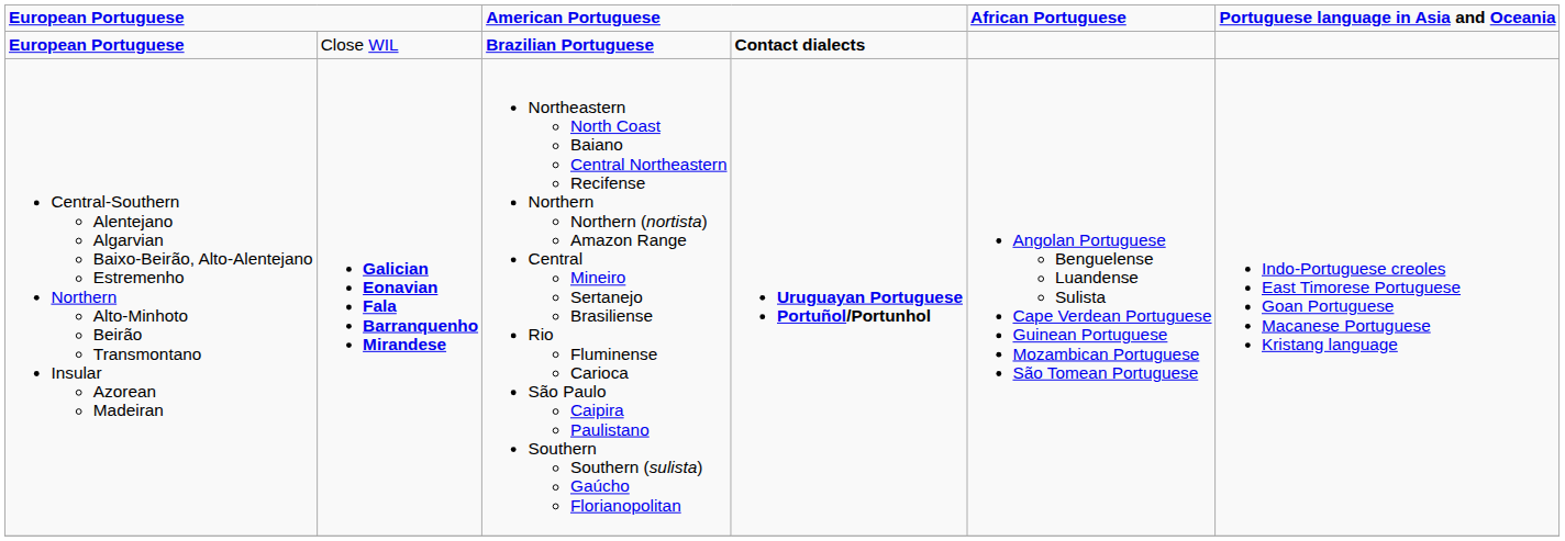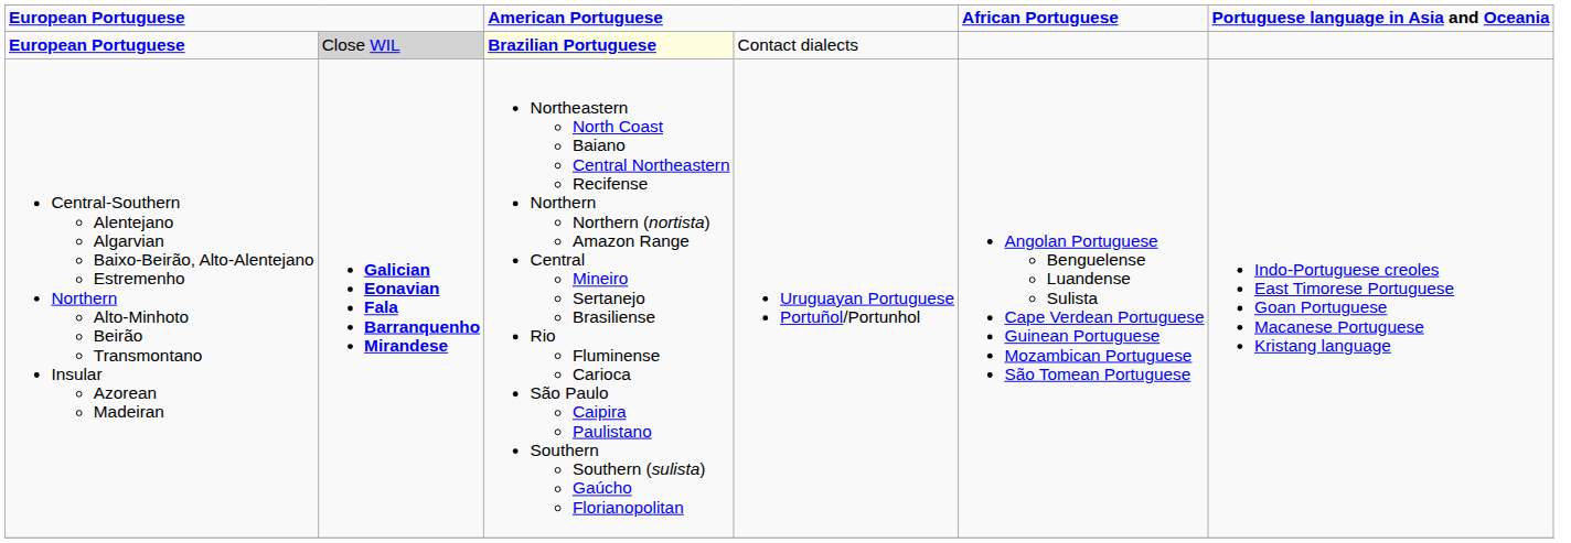 <table class="wikitable">
 <tr>
 <td colspan="2"><strong><a href='#'>European Portuguese</a></strong></td>
 <td colspan="2"><strong><a href='#'>American Portuguese</a></strong></td>
 <td><strong><a href='#'>African Portuguese</a></strong></td>
 <td><strong><a href='#'>Portuguese language in Asia</a> and <a href='#'>Oceania</a></strong></td>
 </tr>
 <tr>
 <td><strong><a href='#'>European Portuguese</a></strong></td>
-<td>Close <a href='#'>WIL</a></td>
-<td><strong><a href='#'>Brazilian Portuguese</a></strong></td>
-<td><strong>Contact dialects</strong></td>
+<td style="background: lightgrey;">Close <a href='#'>WIL</a></td>
+<td style="background: lightyellow;"><strong><a href='#'>Brazilian Portuguese</a></strong></td>
+<td>Contact dialects</td>
 <td></td>
 <td></td>
 </tr>
 <tr>
 <td><br><ul><li>Central-Southern<ul><li>Alentejano</li><li>Algarvian</li><li>Baixo-Beirão, Alto-Alentejano</li><li>Estremenho</li></ul></li><li><a href='#'>Northern</a><ul><li>Alto-Minhoto</li><li>Beirão</li><li>Transmontano</li></ul></li><li>Insular<ul><li>Azorean</li><li>Madeiran</li></ul></li></ul></td>
 <td><strong><br><ul><li><a href='#'>Galician</a></li><li><a href='#'>Eonavian</a></li><li><a href='#'>Fala</a></li><li><a href='#'>Barranquenho</a></li><li><a href='#'>Mirandese</a></li></ul></strong></td>
 <td><br><ul><li>Northeastern<ul><li><a href='#'>North Coast</a></li><li>Baiano</li><li><a href='#'>Central Northeastern</a></li><li>Recifense</li></ul></li><li>Northern<ul><li>Northern (<em>nortista</em>)</li><li>Amazon Range</li></ul></li><li>Central<ul><li><a href='#'>Mineiro</a></li><li>Sertanejo</li><li>Brasiliense</li></ul></li><li>Rio<ul><li>Fluminense</li><li>Carioca</li></ul></li><li>São Paulo<ul><li><a href='#'>Caipira</a></li><li><a href='#'>Paulistano</a></li></ul></li><li>Southern<ul><li>Southern (<em>sulista</em>)</li><li><a href='#'>Gaúcho</a></li><li><a href='#'>Florianopolitan</a></li></ul></li></ul></td>
-<td><strong><br><ul><li><a href='#'>Uruguayan Portuguese</a></li><li><a href='#'>Portuñol</a>/Portunhol</li></ul></strong></td>
+<td><br><ul><li><a href='#'>Uruguayan Portuguese</a></li><li><a href='#'>Portuñol</a>/Portunhol</li></ul></td>
 <td><br><ul><li><a href='#'>Angolan Portuguese</a><ul><li>Benguelense</li><li>Luandense</li><li>Sulista</li></ul></li><li><a href='#'>Cape Verdean Portuguese</a></li><li><a href='#'>Guinean Portuguese</a></li><li><a href='#'>Mozambican Portuguese</a></li><li><a href='#'>São Tomean Portuguese</a></li></ul></td>
 <td><br><ul><li><a href='#'>Indo-Portuguese creoles</a></li><li><a href='#'>East Timorese Portuguese</a></li><li><a href='#'>Goan Portuguese</a></li><li><a href='#'>Macanese Portuguese</a></li><li><a href='#'>Kristang language</a></li></ul></td>
 </tr>
 <tr>
 </tr>
 </table>
